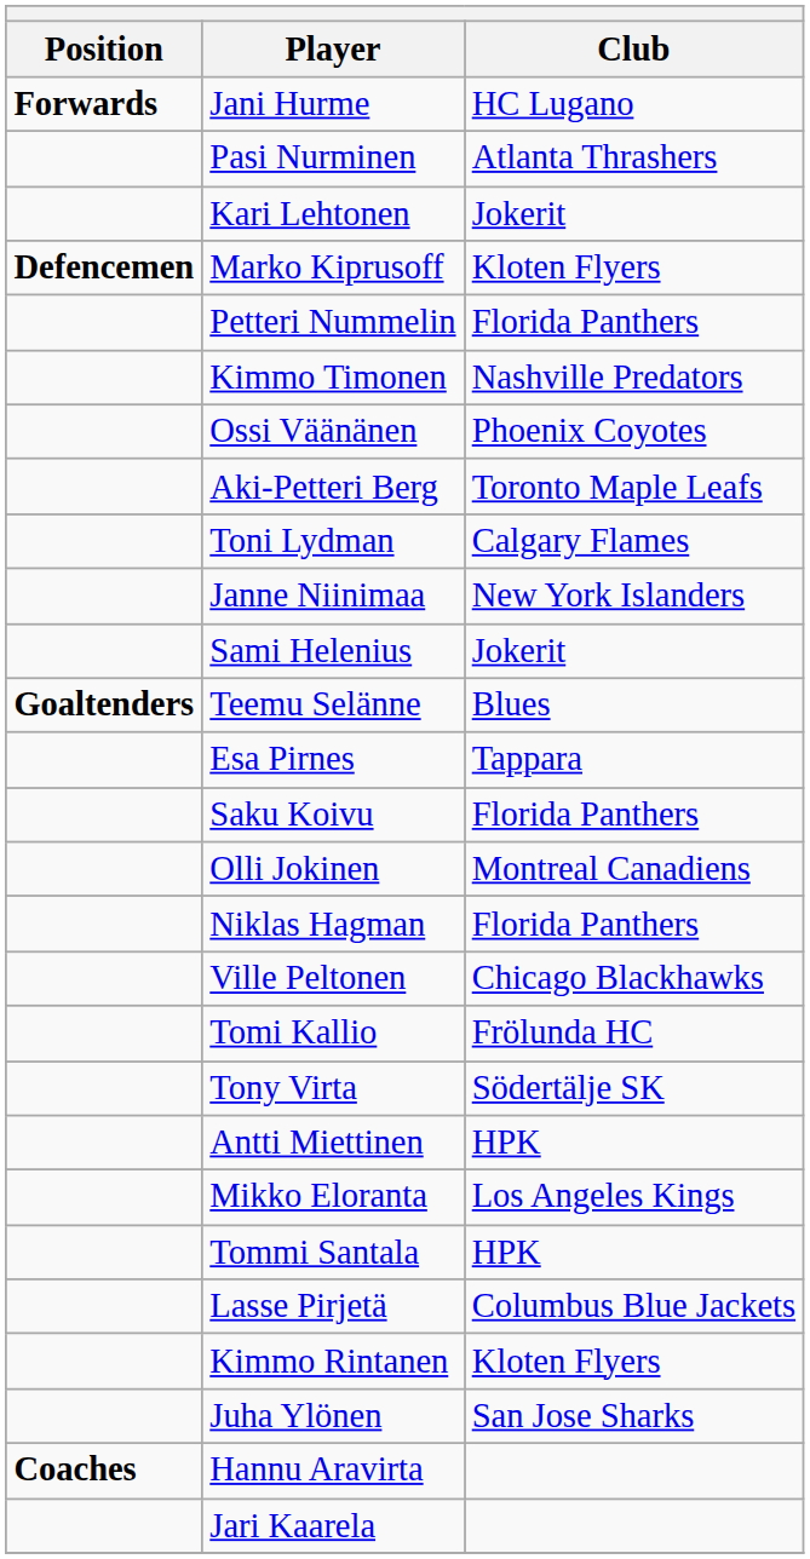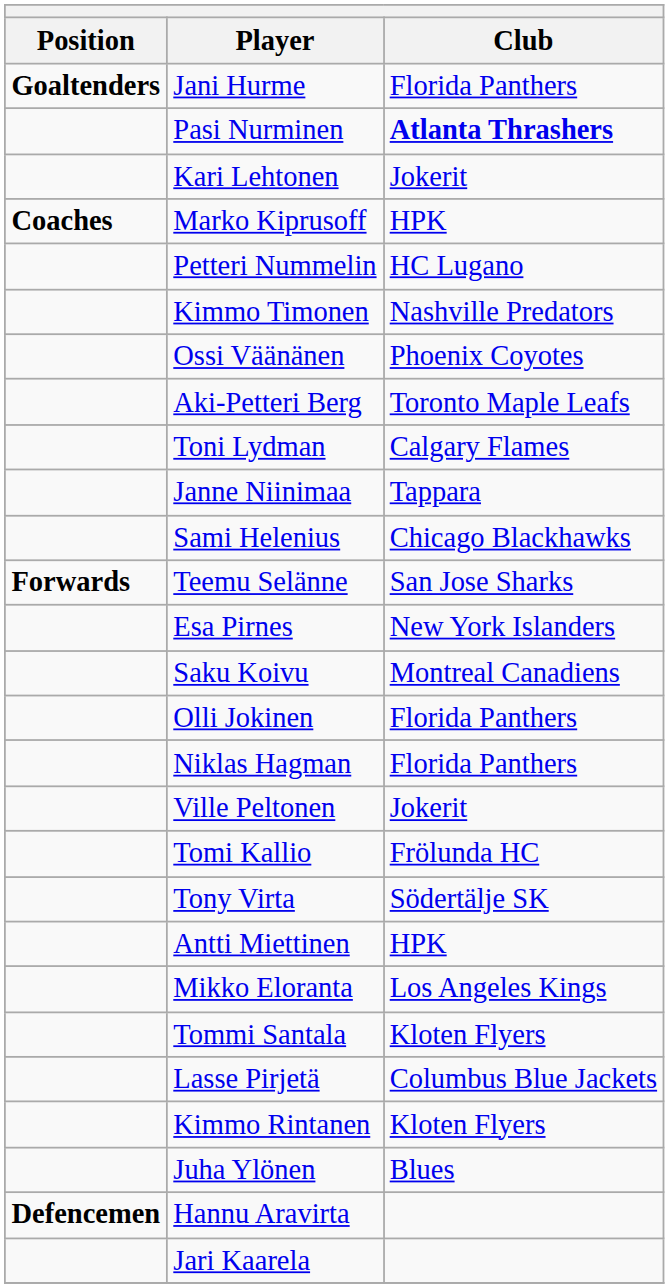 <table class=wikitable>
 <tr>
 <th colspan="7"></th>
 </tr>
 <tr>
 <th>Position</th>
 <th>Player</th>
 <th>Club</th>
 </tr>
 <tr>
-<td><strong>Forwards</strong></td>
+<td><strong>Goaltenders</strong></td>
 <td><a href='#'>Jani Hurme</a></td>
-<td><a href='#'>HC Lugano</a></td>
+<td><a href='#'>Florida Panthers</a></td>
 </tr>
 <tr>
 <td></td>
 <td><a href='#'>Pasi Nurminen</a></td>
-<td><a href='#'>Atlanta Thrashers</a></td>
+<td><strong><a href='#'>Atlanta Thrashers</a></strong></td>
 </tr>
 <tr>
 <td></td>
 <td><a href='#'>Kari Lehtonen</a></td>
 <td><a href='#'>Jokerit</a></td>
 </tr>
 <tr>
-<td><strong>Defencemen</strong></td>
+<td><strong>Coaches</strong></td>
 <td><a href='#'>Marko Kiprusoff</a></td>
-<td><a href='#'>Kloten Flyers</a></td>
+<td><a href='#'>HPK</a></td>
 </tr>
 <tr>
 <td></td>
 <td><a href='#'>Petteri Nummelin</a></td>
-<td><a href='#'>Florida Panthers</a></td>
+<td><a href='#'>HC Lugano</a></td>
 </tr>
 <tr>
 <td></td>
 <td><a href='#'>Kimmo Timonen</a></td>
 <td><a href='#'>Nashville Predators</a></td>
 </tr>
 <tr>
 <td></td>
 <td><a href='#'>Ossi Väänänen</a></td>
 <td><a href='#'>Phoenix Coyotes</a></td>
 </tr>
 <tr>
 <td></td>
 <td><a href='#'>Aki-Petteri Berg</a></td>
 <td><a href='#'>Toronto Maple Leafs</a></td>
 </tr>
 <tr>
 <td></td>
 <td><a href='#'>Toni Lydman</a></td>
 <td><a href='#'>Calgary Flames</a></td>
 </tr>
 <tr>
 <td></td>
 <td><a href='#'>Janne Niinimaa</a></td>
+<td><a href='#'>Tappara</a></td>
+</tr>
+<tr>
+<td></td>
+<td><a href='#'>Sami Helenius</a></td>
+<td><a href='#'>Chicago Blackhawks</a></td>
+</tr>
+<tr>
+<td><strong>Forwards</strong></td>
+<td><a href='#'>Teemu Selänne</a></td>
+<td><a href='#'>San Jose Sharks</a></td>
+</tr>
+<tr>
+<td></td>
+<td><a href='#'>Esa Pirnes</a></td>
 <td><a href='#'>New York Islanders</a></td>
 </tr>
 <tr>
 <td></td>
-<td><a href='#'>Sami Helenius</a></td>
-<td><a href='#'>Jokerit</a></td>
-</tr>
-<tr>
-<td><strong>Goaltenders</strong></td>
-<td><a href='#'>Teemu Selänne</a></td>
-<td><a href='#'>Blues</a></td>
-</tr>
-<tr>
-<td></td>
-<td><a href='#'>Esa Pirnes</a></td>
-<td><a href='#'>Tappara</a></td>
-</tr>
-<tr>
-<td></td>
 <td><a href='#'>Saku Koivu</a></td>
-<td><a href='#'>Florida Panthers</a></td>
+<td><a href='#'>Montreal Canadiens</a></td>
 </tr>
 <tr>
 <td></td>
 <td><a href='#'>Olli Jokinen</a></td>
-<td><a href='#'>Montreal Canadiens</a></td>
+<td><a href='#'>Florida Panthers</a></td>
 </tr>
 <tr>
 <td></td>
 <td><a href='#'>Niklas Hagman</a></td>
 <td><a href='#'>Florida Panthers</a></td>
 </tr>
 <tr>
 <td></td>
 <td><a href='#'>Ville Peltonen</a></td>
-<td><a href='#'>Chicago Blackhawks</a></td>
+<td><a href='#'>Jokerit</a></td>
 </tr>
 <tr>
 <td></td>
 <td><a href='#'>Tomi Kallio</a></td>
 <td><a href='#'>Frölunda HC</a></td>
 </tr>
 <tr>
 <td></td>
 <td><a href='#'>Tony Virta</a></td>
 <td><a href='#'>Södertälje SK</a></td>
 </tr>
 <tr>
 <td></td>
 <td><a href='#'>Antti Miettinen</a></td>
 <td><a href='#'>HPK</a></td>
 </tr>
 <tr>
 <td></td>
 <td><a href='#'>Mikko Eloranta</a></td>
 <td><a href='#'>Los Angeles Kings</a></td>
 </tr>
 <tr>
 <td></td>
 <td><a href='#'>Tommi Santala</a></td>
-<td><a href='#'>HPK</a></td>
+<td><a href='#'>Kloten Flyers</a></td>
 </tr>
 <tr>
 <td></td>
 <td><a href='#'>Lasse Pirjetä</a></td>
 <td><a href='#'>Columbus Blue Jackets</a></td>
 </tr>
 <tr>
 <td></td>
 <td><a href='#'>Kimmo Rintanen</a></td>
 <td><a href='#'>Kloten Flyers</a></td>
 </tr>
 <tr>
 <td></td>
 <td><a href='#'>Juha Ylönen</a></td>
-<td><a href='#'>San Jose Sharks</a></td>
+<td><a href='#'>Blues</a></td>
 </tr>
 <tr>
-<td><strong>Coaches</strong></td>
+<td><strong>Defencemen</strong></td>
 <td><a href='#'>Hannu Aravirta</a></td>
 <td></td>
 </tr>
 <tr>
 <td></td>
 <td><a href='#'>Jari Kaarela</a></td>
 <td></td>
 </tr>
 <tr>
 </tr>
 </table>
